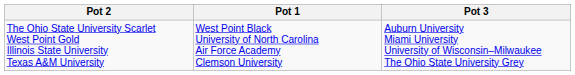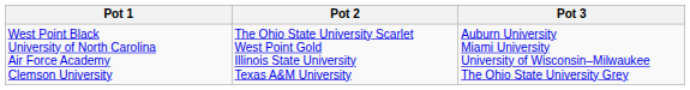 <table class="wikitable" style="width:900px">
 <tr>
+<th width=33%>Pot 1</th>
 <th width=33%>Pot 2</th>
-<th width=33%>Pot 1</th>
 <th width=33%>Pot 3</th>
 </tr>
 <tr>
+<td valign="top"><a href='#'>West Point Black</a><br><a href='#'>University of North Carolina</a><br><a href='#'>Air Force Academy</a><br><a href='#'>Clemson University</a></td>
 <td valign="top"><a href='#'>The Ohio State University Scarlet</a><br><a href='#'>West Point Gold</a><br><a href='#'>Illinois State University</a><br><a href='#'>Texas A&M University</a></td>
-<td valign="top"><a href='#'>West Point Black</a><br><a href='#'>University of North Carolina</a><br><a href='#'>Air Force Academy</a><br><a href='#'>Clemson University</a></td>
 <td valign="top"><a href='#'>Auburn University</a><br><a href='#'>Miami University</a><br><a href='#'>University of Wisconsin–Milwaukee</a><br><a href='#'>The Ohio State University Grey</a></td>
 </tr>
 </table>
